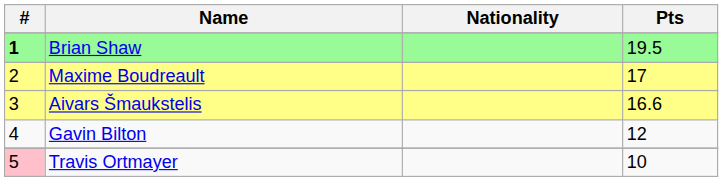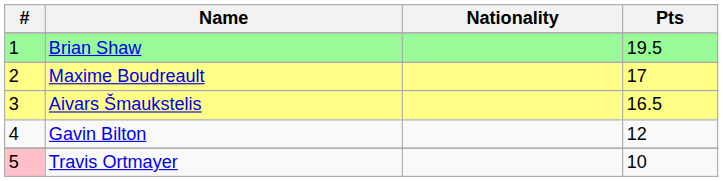 <table class="wikitable" style="display: inline-table; width: 50%;">
 <tr>
 <th>#</th>
 <th>Name</th>
 <th>Nationality</th>
 <th>Pts</th>
 </tr>
 <tr>
 </tr>
 <tr style="background:palegreen">
-<td><strong>1</strong></td>
+<td>1</td>
 <td><a href='#'>Brian Shaw</a></td>
 <td></td>
 <td>19.5</td>
 </tr>
 <tr>
 </tr>
 <tr style="background:#ff8">
 <td>2</td>
 <td><a href='#'>Maxime Boudreault</a></td>
 <td></td>
 <td>17</td>
 </tr>
 <tr>
 </tr>
 <tr style="background:#ff8">
 <td>3</td>
 <td><a href='#'>Aivars Šmaukstelis</a></td>
 <td></td>
-<td>16.6</td>
+<td>16.5</td>
 </tr>
 <tr>
 <td>4</td>
 <td><a href='#'>Gavin Bilton</a></td>
 <td></td>
 <td>12</td>
 </tr>
 <tr>
 </tr>
 <tr>
 <td style="background: pink;">5</td>
 <td><a href='#'>Travis Ortmayer</a></td>
 <td></td>
 <td>10</td>
 </tr>
 </table>
